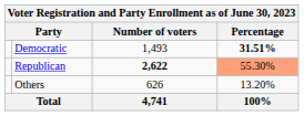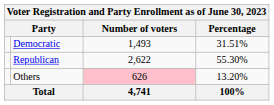 <table class=wikitable>
 <tr>
 <th colspan = 6>Voter Registration and Party Enrollment as of June 30, 2023</th>
 </tr>
 <tr>
 <th colspan = 2>Party</th>
 <th>Number of voters</th>
 <th>Percentage</th>
 </tr>
 <tr>
 <td></td>
 <td><a href='#'>Democratic</a></td>
 <td align = center>1,493</td>
-<td align = center><strong>31.51%</strong></td>
+<td align = center>31.51%</td>
 </tr>
 <tr>
 <td></td>
 <td><a href='#'>Republican</a></td>
-<td align = center><strong>2,622</strong></td>
-<td align = center style="background: lightsalmon;">55.30%</td>
+<td align = center>2,622</td>
+<td align = center>55.30%</td>
 </tr>
 <tr>
 <td></td>
 <td>Others</td>
-<td align = center>626</td>
+<td align = center style="background: pink;">626</td>
 <td align = center>13.20%</td>
 </tr>
 <tr>
 <th colspan = 2>Total</th>
 <th align = center>4,741</th>
 <th align = center>100%</th>
 </tr>
 </table>
